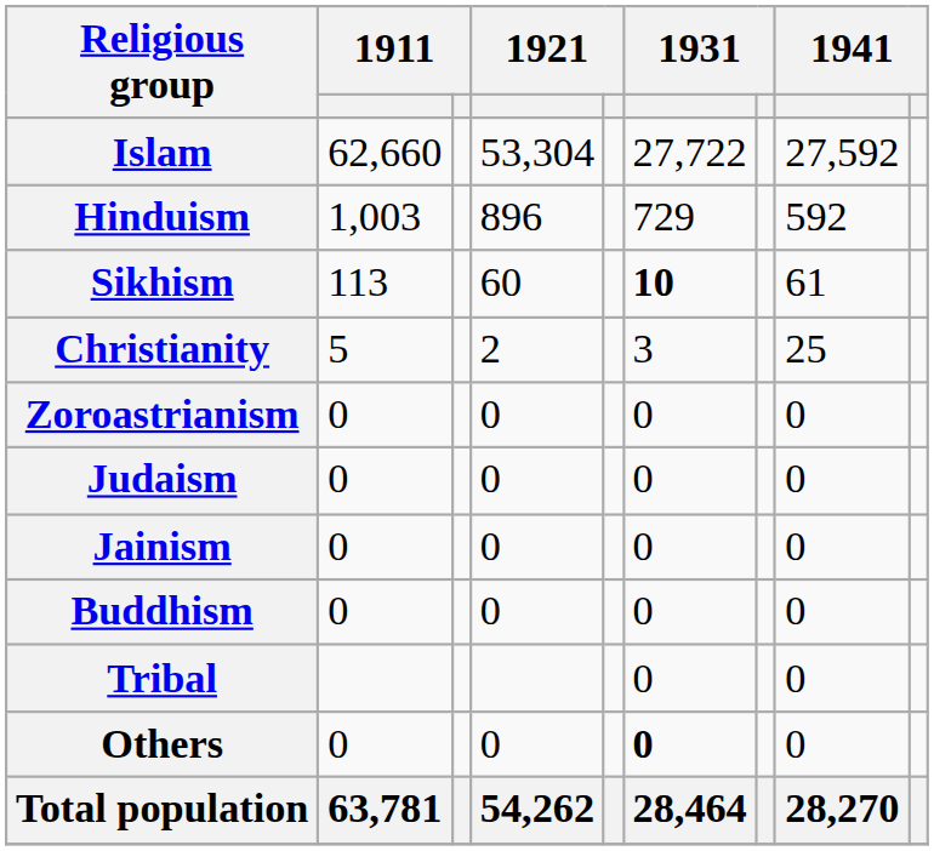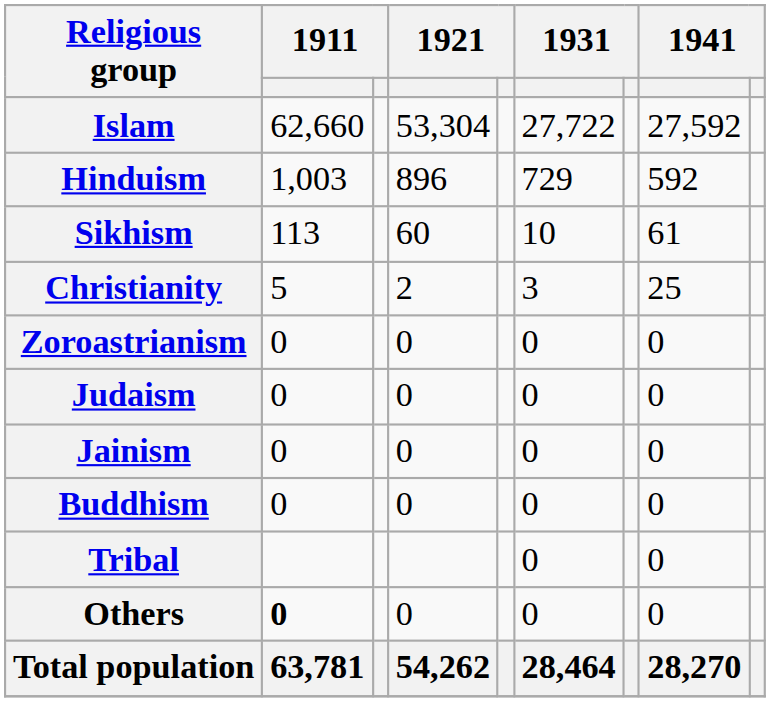 <table class="wikitable sortable">
 <tr>
 <th rowspan="2"><a href='#'>Religious</a><br>group</th>
 <th colspan="2">1911</th>
 <th colspan="2">1921</th>
 <th colspan="2">1931</th>
 <th colspan="2">1941</th>
 </tr>
 <tr>
 <th><a href='#'></a></th>
 <th></th>
 <th></th>
 <th></th>
 <th></th>
 <th></th>
 <th></th>
 <th></th>
 </tr>
 <tr>
 <th><a href='#'>Islam</a> </th>
 <td>62,660</td>
 <td></td>
 <td>53,304</td>
 <td></td>
 <td>27,722</td>
 <td></td>
 <td>27,592</td>
 <td></td>
 </tr>
 <tr>
 <th><a href='#'>Hinduism</a> </th>
 <td>1,003</td>
 <td></td>
 <td>896</td>
 <td></td>
 <td>729</td>
 <td></td>
 <td>592</td>
 <td></td>
 </tr>
 <tr>
 <th><a href='#'>Sikhism</a> </th>
 <td>113</td>
 <td></td>
 <td>60</td>
 <td></td>
-<td><strong>10</strong></td>
+<td>10</td>
 <td></td>
 <td>61</td>
 <td></td>
 </tr>
 <tr>
 <th><a href='#'>Christianity</a> </th>
 <td>5</td>
 <td></td>
 <td>2</td>
 <td></td>
 <td>3</td>
 <td></td>
 <td>25</td>
 <td></td>
 </tr>
 <tr>
 <th><a href='#'>Zoroastrianism</a> </th>
 <td>0</td>
 <td></td>
 <td>0</td>
 <td></td>
 <td>0</td>
 <td></td>
 <td>0</td>
 <td></td>
 </tr>
 <tr>
 <th><a href='#'>Judaism</a> </th>
 <td>0</td>
 <td></td>
 <td>0</td>
 <td></td>
 <td>0</td>
 <td></td>
 <td>0</td>
 <td></td>
 </tr>
 <tr>
 <th><a href='#'>Jainism</a> </th>
 <td>0</td>
 <td></td>
 <td>0</td>
 <td></td>
 <td>0</td>
 <td></td>
 <td>0</td>
 <td></td>
 </tr>
 <tr>
 <th><a href='#'>Buddhism</a> </th>
 <td>0</td>
 <td></td>
 <td>0</td>
 <td></td>
 <td>0</td>
 <td></td>
 <td>0</td>
 <td></td>
 </tr>
 <tr>
 <th><a href='#'>Tribal</a></th>
 <td></td>
 <td></td>
 <td></td>
 <td></td>
 <td>0</td>
 <td></td>
 <td>0</td>
 <td></td>
 </tr>
 <tr>
 <th>Others</th>
+<td><strong>0</strong></td>
+<td></td>
 <td>0</td>
 <td></td>
 <td>0</td>
-<td></td>
-<td><strong>0</strong></td>
 <td></td>
 <td>0</td>
 <td></td>
 </tr>
 <tr>
 <th>Total population</th>
 <th>63,781</th>
 <th></th>
 <th>54,262</th>
 <th></th>
 <th>28,464</th>
 <th></th>
 <th>28,270</th>
 <th></th>
 </tr>
 <tr class="sortbottom">
 </tr>
 </table>
